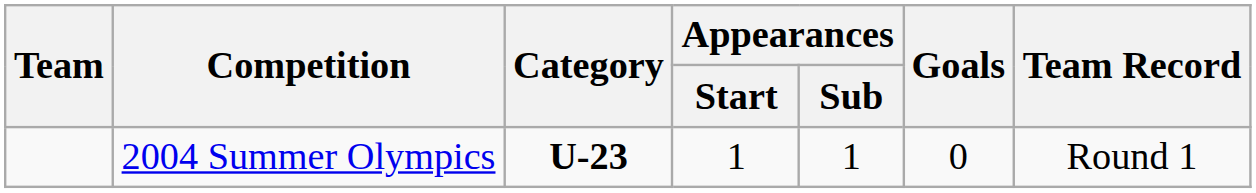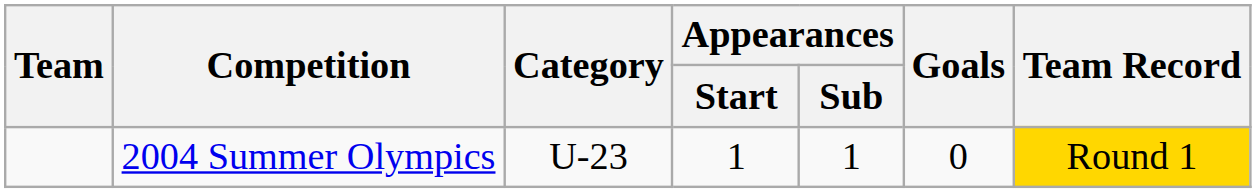 <table class="wikitable" style="text-align: center;">
 <tr>
 <th rowspan="2">Team</th>
 <th rowspan="2">Competition</th>
 <th rowspan="2">Category</th>
 <th colspan="2">Appearances</th>
 <th rowspan="2">Goals</th>
 <th rowspan="2">Team Record</th>
 </tr>
 <tr>
 <th>Start</th>
 <th>Sub</th>
 </tr>
 <tr>
 <td align="left"></td>
 <td align="left"><a href='#'>2004 Summer Olympics</a></td>
-<td><strong>U-23</strong></td>
+<td>U-23</td>
 <td>1</td>
 <td>1</td>
 <td>0</td>
-<td>Round 1</td>
+<td style="background: gold;">Round 1</td>
 </tr>
 </table>
